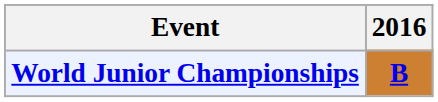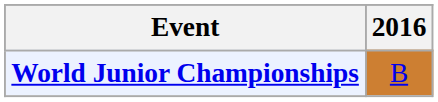 <table class="wikitable" style="font-size: 90%; text-align:center">
 <tr>
 <th>Event</th>
 <th>2016</th>
 </tr>
 <tr>
 <td bgcolor="#ECF2FF"; align="left"><strong><a href='#'>World Junior Championships</a></strong></td>
-<td bgcolor=CD7F32><strong><a href='#'>B</a></strong></td>
+<td bgcolor=CD7F32><a href='#'>B</a></td>
 </tr>
 </table>
